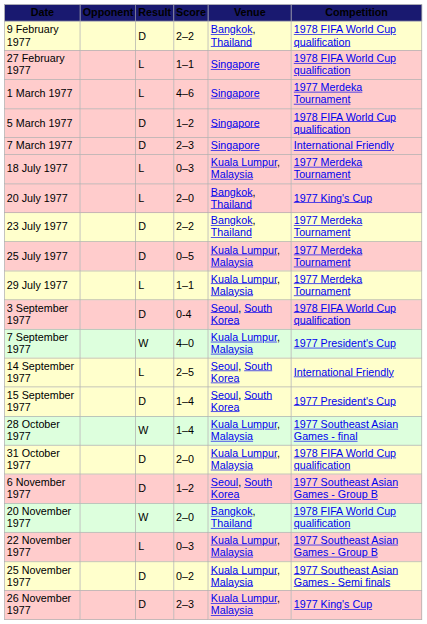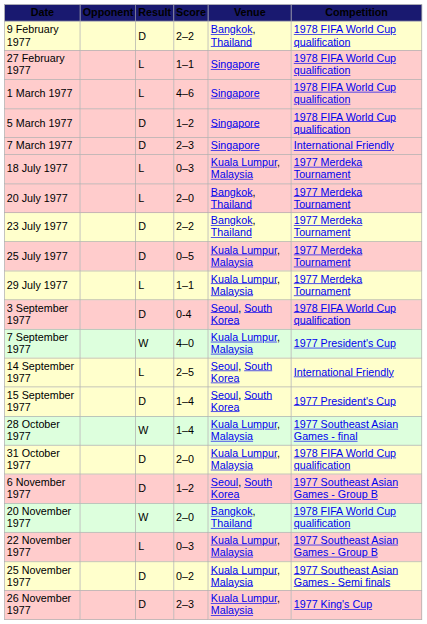 <table style="width:100%;" class="wikitable">
 <tr>
 <th style="background:#191970;"><span>Date</span></th>
 <th style="background:#191970;"><span>Opponent</span></th>
 <th style="background:#191970;"><span>Result</span></th>
 <th style="background:#191970;"><span>Score</span></th>
 <th style="background:#191970;"><span>Venue</span></th>
 <th style="background:#191970;"><span>Competition</span></th>
 </tr>
 <tr style="background:#ffc;">
 <td>9 February 1977</td>
 <td></td>
 <td>D</td>
 <td>2–2</td>
 <td> <a href='#'>Bangkok</a>, <a href='#'>Thailand</a></td>
 <td><a href='#'>1978 FIFA World Cup qualification</a></td>
 </tr>
 <tr style="background:#fcc;">
 <td>27 February 1977</td>
 <td></td>
 <td>L</td>
 <td>1–1</td>
 <td> <a href='#'>Singapore</a></td>
 <td><a href='#'>1978 FIFA World Cup qualification</a></td>
 </tr>
 <tr style="background:#fcc;">
 <td>1 March 1977</td>
 <td></td>
 <td>L</td>
 <td>4–6</td>
 <td> <a href='#'>Singapore</a></td>
-<td><a href='#'>1977 Merdeka Tournament</a></td>
+<td><a href='#'>1978 FIFA World Cup qualification</a></td>
 </tr>
 <tr style="background:#fcc;">
 <td>5 March 1977</td>
 <td></td>
 <td>D</td>
 <td>1–2</td>
 <td> <a href='#'>Singapore</a></td>
 <td><a href='#'>1978 FIFA World Cup qualification</a></td>
 </tr>
 <tr style="background:#fcc;">
 <td>7 March 1977</td>
 <td></td>
 <td>D</td>
 <td>2–3</td>
 <td> <a href='#'>Singapore</a></td>
 <td><a href='#'>International Friendly</a></td>
 </tr>
 <tr style="background:#fcc;">
 <td>18 July 1977</td>
 <td></td>
 <td>L</td>
 <td>0–3</td>
 <td> <a href='#'>Kuala Lumpur</a>, <a href='#'>Malaysia</a></td>
 <td><a href='#'>1977 Merdeka Tournament</a></td>
 </tr>
 <tr style="background:#fcc;">
 <td>20 July 1977</td>
 <td></td>
 <td>L</td>
 <td>2–0</td>
 <td> <a href='#'>Bangkok</a>, <a href='#'>Thailand</a></td>
-<td><a href='#'>1977 King's Cup</a></td>
+<td><a href='#'>1977 Merdeka Tournament</a></td>
 </tr>
 <tr style="background:#ffc;">
 <td>23 July 1977</td>
 <td></td>
 <td>D</td>
 <td>2–2</td>
 <td> <a href='#'>Bangkok</a>, <a href='#'>Thailand</a></td>
 <td><a href='#'>1977 Merdeka Tournament</a></td>
 </tr>
 <tr style="background:#fcc;">
 <td>25 July 1977</td>
 <td></td>
 <td>D</td>
 <td>0–5</td>
 <td> <a href='#'>Kuala Lumpur</a>, <a href='#'>Malaysia</a></td>
 <td><a href='#'>1977 Merdeka Tournament</a></td>
 </tr>
 <tr style="background:#ffc;">
 <td>29 July 1977</td>
 <td></td>
 <td>L</td>
 <td>1–1</td>
 <td> <a href='#'>Kuala Lumpur</a>, <a href='#'>Malaysia</a></td>
 <td><a href='#'>1977 Merdeka Tournament</a></td>
 </tr>
 <tr style="background:#fcc;">
 <td>3 September 1977</td>
 <td></td>
 <td>D</td>
 <td>0-4</td>
 <td> <a href='#'>Seoul</a>,  <a href='#'>South Korea</a></td>
 <td><a href='#'>1978 FIFA World Cup qualification</a></td>
 </tr>
 <tr style="background:#dfd;">
 <td>7 September 1977</td>
 <td></td>
 <td>W</td>
 <td>4–0</td>
 <td> <a href='#'>Kuala Lumpur</a>, <a href='#'>Malaysia</a></td>
 <td><a href='#'>1977 President's Cup</a></td>
 </tr>
 <tr style="background:#ffc;">
 <td>14 September 1977</td>
 <td></td>
 <td>L</td>
 <td>2–5</td>
 <td> <a href='#'>Seoul</a>, <a href='#'>South Korea</a></td>
 <td><a href='#'>International Friendly</a></td>
 </tr>
 <tr style="background:#ffc;">
 <td>15 September 1977</td>
 <td></td>
 <td>D</td>
 <td>1–4</td>
 <td> <a href='#'>Seoul</a>, <a href='#'>South Korea</a></td>
 <td><a href='#'>1977 President's Cup</a></td>
 </tr>
 <tr style="background:#dfd;">
 <td>28 October 1977</td>
 <td></td>
 <td>W</td>
 <td>1–4</td>
 <td> <a href='#'>Kuala Lumpur</a>, <a href='#'>Malaysia</a></td>
 <td><a href='#'>1977 Southeast Asian Games - final</a></td>
 </tr>
 <tr style="background:#ffc;">
 <td>31 October 1977</td>
 <td></td>
 <td>D</td>
 <td>2–0</td>
 <td> <a href='#'>Kuala Lumpur</a>, <a href='#'>Malaysia</a></td>
 <td><a href='#'>1978 FIFA World Cup qualification</a></td>
 </tr>
 <tr style="background:#fcc;">
 <td>6 November 1977</td>
 <td></td>
 <td>D</td>
 <td>1–2</td>
 <td> <a href='#'>Seoul</a>, <a href='#'>South Korea</a></td>
 <td><a href='#'>1977 Southeast Asian Games - Group B</a></td>
 </tr>
 <tr style="background:#dfd;">
 <td>20 November 1977</td>
 <td></td>
 <td>W</td>
 <td>2–0</td>
 <td> <a href='#'>Bangkok</a>, <a href='#'>Thailand</a></td>
 <td><a href='#'>1978 FIFA World Cup qualification</a></td>
 </tr>
 <tr style="background:#fcc;">
 <td>22 November 1977</td>
 <td></td>
 <td>L</td>
 <td>0–3</td>
 <td> <a href='#'>Kuala Lumpur</a>, <a href='#'>Malaysia</a></td>
 <td><a href='#'>1977 Southeast Asian Games - Group B</a></td>
 </tr>
 <tr style="background:#ffc;">
 <td>25 November 1977</td>
 <td></td>
 <td>D</td>
 <td>0–2</td>
 <td> <a href='#'>Kuala Lumpur</a>, <a href='#'>Malaysia</a></td>
 <td><a href='#'>1977 Southeast Asian Games - Semi finals</a></td>
 </tr>
 <tr style="background:#fcc;">
 <td>26 November 1977</td>
 <td></td>
 <td>D</td>
 <td>2–3</td>
 <td> <a href='#'>Kuala Lumpur</a>, <a href='#'>Malaysia</a></td>
 <td><a href='#'>1977 King's Cup</a></td>
 </tr>
 </table>
